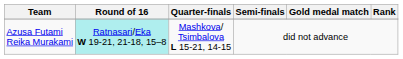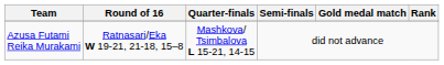 <table class="wikitable" style="font-size:90%">
 <tr>
 <th>Team</th>
 <th>Round of 16</th>
 <th>Quarter-finals</th>
 <th>Semi-finals</th>
 <th>Gold medal match</th>
 <th>Rank</th>
 </tr>
 <tr style="font-size:95%">
 </tr>
 <tr align=center>
 <td align=left><a href='#'>Azusa Futami</a><br><a href='#'>Reika Murakami</a></td>
-<td style="background: paleturquoise;"> <a href='#'>Ratnasari</a>/<a href='#'>Eka</a><br><strong>W</strong> 19-21, 21-18, 15–8</td>
+<td> <a href='#'>Ratnasari</a>/<a href='#'>Eka</a><br><strong>W</strong> 19-21, 21-18, 15–8</td>
 <td> <a href='#'>Mashkova</a>/<br><a href='#'>Tsimbalova</a><br><strong>L</strong> 15-21, 14-15</td>
 <td colspan=3>did not advance</td>
 </tr>
 </table>
